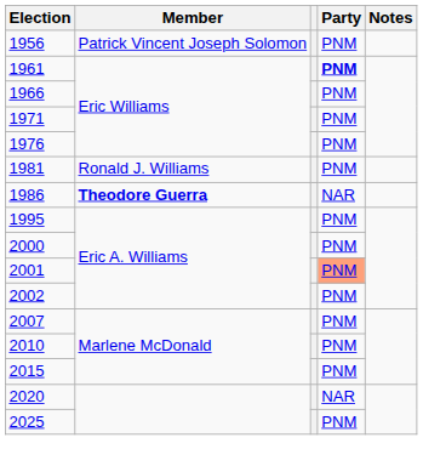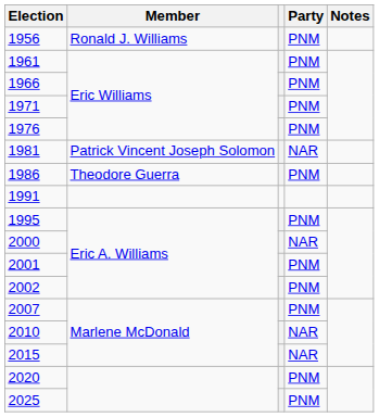 <table class="wikitable sortable">
 <tr>
 <th>Election</th>
 <th>Member</th>
 <th></th>
 <th>Party</th>
 <th>Notes</th>
 </tr>
 <tr>
 <td><a href='#'>1956</a></td>
-<td><a href='#'>Patrick Vincent Joseph Solomon</a></td>
+<td><a href='#'>Ronald J. Williams</a></td>
 <th style="background-color: "></th>
 <td><a href='#'>PNM</a></td>
 <td></td>
 </tr>
 <tr>
 <td><a href='#'>1961</a></td>
 <td rowspan="4"><a href='#'>Eric Williams</a></td>
 <th style="background-color: "></th>
-<td><strong><a href='#'>PNM</a></strong></td>
+<td><a href='#'>PNM</a></td>
 <td rowspan="4"></td>
 </tr>
 <tr>
 <td><a href='#'>1966</a></td>
 <th style="background-color: "></th>
 <td><a href='#'>PNM</a></td>
 </tr>
 <tr>
 <td><a href='#'>1971</a></td>
 <th style="background-color: "></th>
 <td><a href='#'>PNM</a></td>
 </tr>
 <tr>
 <td><a href='#'>1976</a></td>
 <th style="background-color: "></th>
 <td><a href='#'>PNM</a></td>
 </tr>
 <tr>
 <td><a href='#'>1981</a></td>
-<td><a href='#'>Ronald J. Williams</a></td>
+<td><a href='#'>Patrick Vincent Joseph Solomon</a></td>
+<th style="background-color: "></th>
+<td><a href='#'>NAR</a></td>
+<td></td>
+</tr>
+<tr>
+<td><a href='#'>1986</a></td>
+<td><a href='#'>Theodore Guerra</a></td>
 <th style="background-color: "></th>
 <td><a href='#'>PNM</a></td>
 <td></td>
 </tr>
 <tr>
-<td><a href='#'>1986</a></td>
-<td><strong><a href='#'>Theodore Guerra</a></strong></td>
-<th style="background-color: "></th>
-<td><a href='#'>NAR</a></td>
+<td><a href='#'>1991</a></td>
+<td></td>
+<td></td>
+<td></td>
 <td></td>
 </tr>
 <tr>
 <td><a href='#'>1995</a></td>
 <td rowspan="4"><a href='#'>Eric A. Williams</a></td>
 <th style="background-color: "></th>
 <td><a href='#'>PNM</a></td>
 <td rowspan="4"></td>
 </tr>
 <tr>
 <td><a href='#'>2000</a></td>
 <th style="background-color: "></th>
-<td><a href='#'>PNM</a></td>
+<td><a href='#'>NAR</a></td>
 </tr>
 <tr>
 <td><a href='#'>2001</a></td>
 <th style="background-color: "></th>
-<td style="background: lightsalmon;"><a href='#'>PNM</a></td>
+<td><a href='#'>PNM</a></td>
 </tr>
 <tr>
 <td><a href='#'>2002</a></td>
 <th style="background-color: "></th>
 <td><a href='#'>PNM</a></td>
 </tr>
 <tr>
 <td><a href='#'>2007</a></td>
 <td rowspan="3"><a href='#'>Marlene McDonald</a></td>
 <th style="background-color: "></th>
 <td><a href='#'>PNM</a></td>
 <td rowspan="3"></td>
 </tr>
 <tr>
 <td><a href='#'>2010</a></td>
 <th style="background-color: "></th>
-<td><a href='#'>PNM</a></td>
+<td><a href='#'>NAR</a></td>
 </tr>
 <tr>
 <td><a href='#'>2015</a></td>
 <th style="background-color: "></th>
-<td><a href='#'>PNM</a></td>
+<td><a href='#'>NAR</a></td>
 </tr>
 <tr>
 <td><a href='#'>2020</a></td>
 <td rowspan="2"></td>
 <th style="background-color: "></th>
-<td><a href='#'>NAR</a></td>
+<td><a href='#'>PNM</a></td>
 <td rowspan="2"></td>
 </tr>
 <tr>
 <td><a href='#'>2025</a></td>
 <th style="background-color: "></th>
 <td><a href='#'>PNM</a></td>
 </tr>
 </table>
